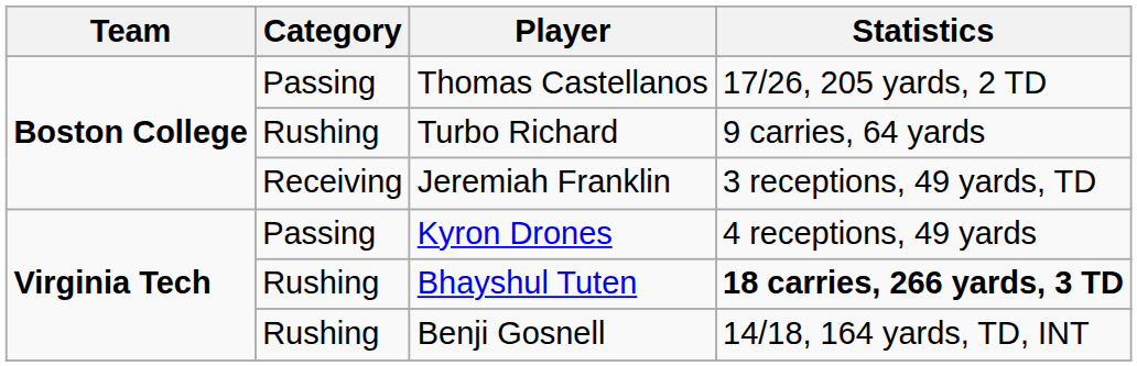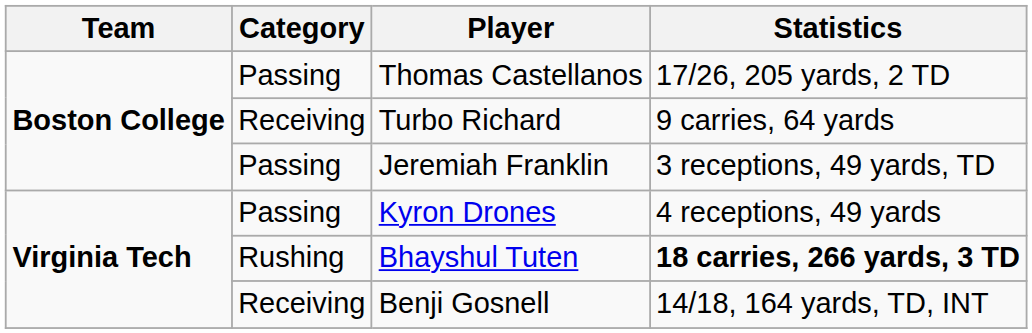 <table class="wikitable" style="float: right;">
 <tr>
 <th>Team</th>
 <th>Category</th>
 <th>Player</th>
 <th>Statistics</th>
 </tr>
 <tr>
 <td rowspan=3><strong>Boston College</strong></td>
 <td>Passing</td>
 <td>Thomas Castellanos</td>
 <td>17/26, 205 yards, 2 TD</td>
 </tr>
 <tr>
-<td>Rushing</td>
+<td>Receiving</td>
 <td>Turbo Richard</td>
 <td>9 carries, 64 yards</td>
 </tr>
 <tr>
-<td>Receiving</td>
+<td>Passing</td>
 <td>Jeremiah Franklin</td>
 <td>3 receptions, 49 yards, TD</td>
 </tr>
 <tr>
 <td rowspan=3><strong>Virginia Tech</strong></td>
 <td>Passing</td>
 <td><a href='#'>Kyron Drones</a></td>
 <td>4 receptions, 49 yards</td>
 </tr>
 <tr>
 <td>Rushing</td>
 <td><a href='#'>Bhayshul Tuten</a></td>
 <td><strong>18 carries, 266 yards, 3 TD</strong></td>
 </tr>
 <tr>
-<td>Rushing</td>
+<td>Receiving</td>
 <td>Benji Gosnell</td>
 <td>14/18, 164 yards, TD, INT</td>
 </tr>
 </table>
